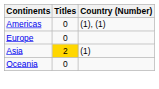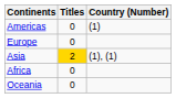 <table class="wikitable sortable" style="font-size: 85%;">
 <tr>
 <th>Continents</th>
 <th>Titles</th>
 <th>Country (Number)</th>
 </tr>
 <tr>
 <td><a href='#'>Americas</a></td>
 <td style="text-align:center;">0</td>
-<td> (1),  (1)</td>
+<td> (1)</td>
 </tr>
 <tr>
 <td><a href='#'>Europe</a></td>
 <td style="text-align:center;">0</td>
 <td></td>
 </tr>
 <tr>
 <td><a href='#'>Asia</a></td>
 <td style="background: gold; text-align:center;">2</td>
-<td> (1)</td>
+<td> (1),  (1)</td>
+</tr>
+<tr>
+<td><a href='#'>Africa</a></td>
+<td style="text-align:center;">0</td>
+<td></td>
 </tr>
 <tr>
 <td><a href='#'>Oceania</a></td>
 <td style="text-align:center;">0</td>
 <td></td>
 </tr>
 </table>
